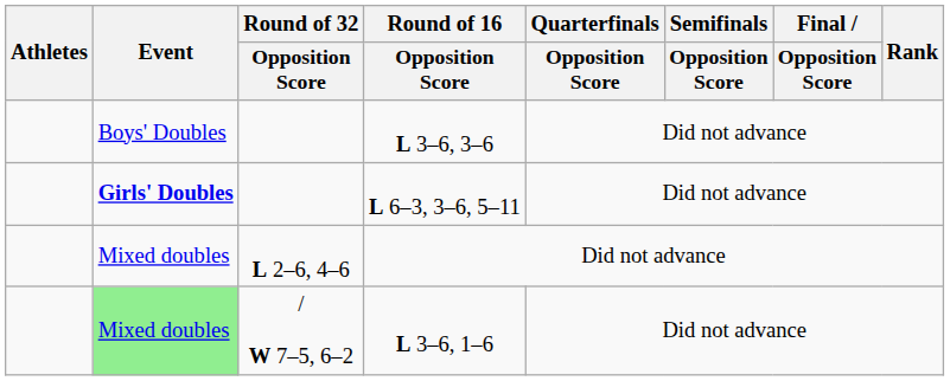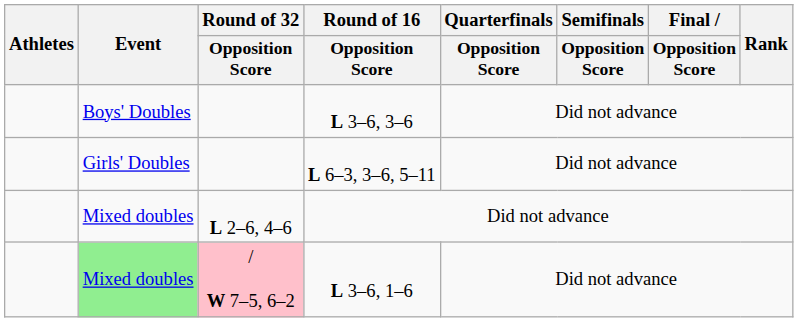 <table class=wikitable style="font-size:90%">
 <tr>
 <th rowspan="2">Athletes</th>
 <th rowspan="2">Event</th>
 <th>Round of 32</th>
 <th>Round of 16</th>
 <th>Quarterfinals</th>
 <th>Semifinals</th>
 <th>Final / </th>
 <th rowspan=2>Rank</th>
 </tr>
 <tr style="font-size:95%">
 <th>Opposition<br>Score</th>
 <th>Opposition<br>Score</th>
 <th>Opposition<br>Score</th>
 <th>Opposition<br>Score</th>
 <th>Opposition<br>Score</th>
 </tr>
 <tr align=center>
 <td align=left><br></td>
 <td align=left><a href='#'>Boys' Doubles</a></td>
 <td></td>
 <td><br><strong>L</strong> 3–6, 3–6</td>
 <td colspan=4>Did not advance</td>
 </tr>
 <tr align=center>
 <td align=left><br></td>
-<td align=left><strong><a href='#'>Girls' Doubles</a></strong></td>
+<td align=left><a href='#'>Girls' Doubles</a></td>
 <td></td>
 <td><br><strong>L</strong> 6–3, 3–6, 5–11</td>
 <td colspan=4>Did not advance</td>
 </tr>
 <tr align=center>
 <td align=left><br></td>
 <td align=left><a href='#'>Mixed doubles</a></td>
 <td><br><strong>L</strong> 2–6, 4–6</td>
 <td colspan=5>Did not advance</td>
 </tr>
 <tr align=center>
 <td align=left><br></td>
 <td align=left style="background: lightgreen;"><a href='#'>Mixed doubles</a></td>
-<td> /<br> <br><strong>W</strong> 7–5, 6–2</td>
+<td style="background: pink;"> /<br> <br><strong>W</strong> 7–5, 6–2</td>
 <td><br><strong>L</strong> 3–6, 1–6</td>
 <td colspan=4>Did not advance</td>
 </tr>
 </table>
